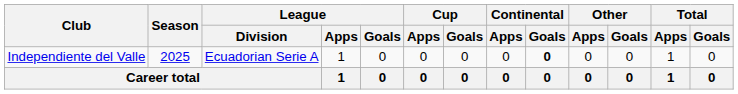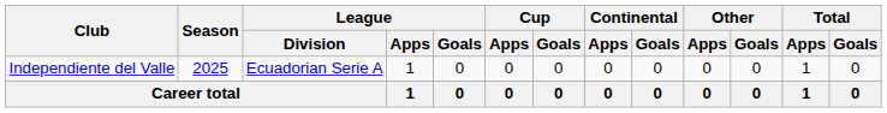 <table class=wikitable style=text-align:center>
 <tr>
 <th rowspan="2">Club</th>
 <th rowspan="2">Season</th>
 <th colspan="3">League</th>
 <th colspan="2">Cup</th>
 <th colspan="2">Continental</th>
 <th colspan="2">Other</th>
 <th colspan="2">Total</th>
 </tr>
 <tr>
 <th>Division</th>
 <th>Apps</th>
 <th>Goals</th>
 <th>Apps</th>
 <th>Goals</th>
 <th>Apps</th>
 <th>Goals</th>
 <th>Apps</th>
 <th>Goals</th>
 <th>Apps</th>
 <th>Goals</th>
 </tr>
 <tr>
 <td><a href='#'>Independiente del Valle</a></td>
 <td><a href='#'>2025</a></td>
 <td><a href='#'>Ecuadorian Serie A</a></td>
 <td>1</td>
 <td>0</td>
 <td>0</td>
 <td>0</td>
 <td>0</td>
-<td><strong>0</strong></td>
+<td>0</td>
 <td>0</td>
 <td>0</td>
 <td>1</td>
 <td>0</td>
 </tr>
 <tr>
 <th colspan="3"><strong>Career total</strong></th>
 <th>1</th>
 <th>0</th>
 <th>0</th>
 <th>0</th>
 <th>0</th>
 <th>0</th>
 <th>0</th>
 <th>0</th>
 <th>1</th>
 <th>0</th>
 </tr>
 </table>
